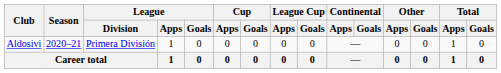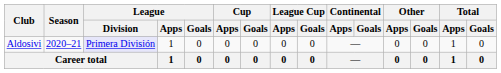 <table class="wikitable" style="text-align:center">
 <tr>
 <th rowspan="2">Club</th>
 <th rowspan="2">Season</th>
 <th colspan="3">League</th>
 <th colspan="2">Cup</th>
 <th colspan="2">League Cup</th>
 <th colspan="2">Continental</th>
 <th colspan="2">Other</th>
 <th colspan="2">Total</th>
 </tr>
 <tr>
 <th>Division</th>
 <th>Apps</th>
 <th>Goals</th>
 <th>Apps</th>
 <th>Goals</th>
 <th>Apps</th>
 <th>Goals</th>
 <th>Apps</th>
 <th>Goals</th>
 <th>Apps</th>
 <th>Goals</th>
 <th>Apps</th>
 <th>Goals</th>
 </tr>
 <tr>
 <td rowspan="1"><a href='#'>Aldosivi</a></td>
 <td><a href='#'>2020–21</a></td>
-<td rowspan="1"><a href='#'>Primera División</a></td>
+<td rowspan="1" style="background: lavender;"><a href='#'>Primera División</a></td>
 <td>1</td>
 <td>0</td>
 <td>0</td>
 <td>0</td>
 <td>0</td>
 <td>0</td>
 <td colspan="2">—</td>
 <td>0</td>
 <td>0</td>
 <td>1</td>
 <td>0</td>
 </tr>
 <tr>
 <th colspan="3">Career total</th>
 <th>1</th>
 <th>0</th>
 <th>0</th>
 <th>0</th>
 <th>0</th>
 <th>0</th>
 <th colspan="2">—</th>
 <th>0</th>
 <th>0</th>
 <th>1</th>
 <th>0</th>
 </tr>
 </table>
